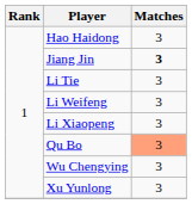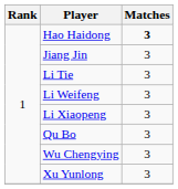 <table class="wikitable" style="text-align: left;">
 <tr>
 <th>Rank</th>
 <th>Player</th>
 <th>Matches</th>
 </tr>
 <tr>
 <td rowspan=8 align=center>1</td>
 <td><a href='#'>Hao Haidong</a></td>
-<td align=center>3</td>
+<td align=center><strong>3</strong></td>
 </tr>
 <tr>
 <td><a href='#'>Jiang Jin</a></td>
-<td align=center><strong>3</strong></td>
+<td align=center>3</td>
 </tr>
 <tr>
 <td><a href='#'>Li Tie</a></td>
 <td align=center>3</td>
 </tr>
 <tr>
 <td><a href='#'>Li Weifeng</a></td>
 <td align=center>3</td>
 </tr>
 <tr>
 <td><a href='#'>Li Xiaopeng</a></td>
 <td align=center>3</td>
 </tr>
 <tr>
 <td><a href='#'>Qu Bo</a></td>
-<td align=center style="background: lightsalmon;">3</td>
+<td align=center>3</td>
 </tr>
 <tr>
 <td><a href='#'>Wu Chengying</a></td>
 <td align=center>3</td>
 </tr>
 <tr>
 <td><a href='#'>Xu Yunlong</a></td>
 <td align=center>3</td>
 </tr>
 <tr>
 </tr>
 </table>
